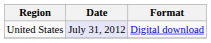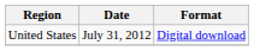 <table class="wikitable">
 <tr>
 <th>Region</th>
 <th>Date</th>
 <th>Format</th>
 </tr>
 <tr>
 <td>United States</td>
-<td style="background: lavender;">July 31, 2012</td>
+<td>July 31, 2012</td>
 <td><a href='#'>Digital download</a></td>
 </tr>
 <tr>
 </tr>
 </table>
